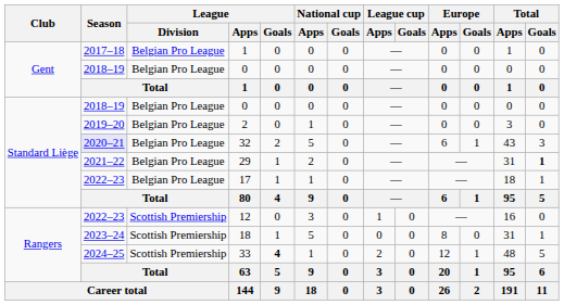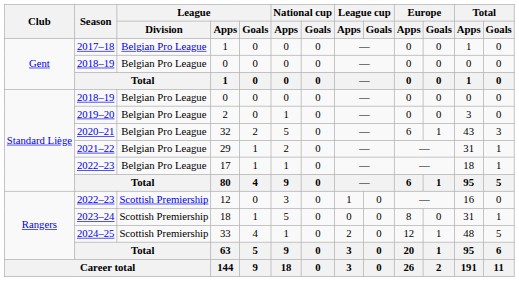 <table class="wikitable" style="text-align: center;">
 <tr>
 <th rowspan="2">Club</th>
 <th rowspan="2">Season</th>
 <th colspan="3">League</th>
 <th colspan="2">National cup</th>
 <th colspan="2">League cup</th>
 <th colspan="2">Europe</th>
 <th colspan="2">Total</th>
 </tr>
 <tr>
 <th>Division</th>
 <th>Apps</th>
 <th>Goals</th>
 <th>Apps</th>
 <th>Goals</th>
 <th>Apps</th>
 <th>Goals</th>
 <th>Apps</th>
 <th>Goals</th>
 <th>Apps</th>
 <th>Goals</th>
 </tr>
 <tr>
 <td rowspan="3"><a href='#'>Gent</a></td>
 <td><a href='#'>2017–18</a></td>
 <td><a href='#'>Belgian Pro League</a></td>
 <td>1</td>
 <td>0</td>
 <td>0</td>
 <td>0</td>
 <td colspan="2">—</td>
 <td>0</td>
 <td>0</td>
 <td>1</td>
 <td>0</td>
 </tr>
 <tr>
 <td><a href='#'>2018–19</a></td>
 <td>Belgian Pro League</td>
 <td>0</td>
 <td>0</td>
 <td>0</td>
 <td>0</td>
 <td colspan="2">—</td>
 <td>0</td>
 <td>0</td>
 <td>0</td>
 <td>0</td>
 </tr>
 <tr>
 <th colspan=2>Total</th>
 <th>1</th>
 <th>0</th>
 <th>0</th>
 <th>0</th>
 <th colspan=2>—</th>
 <th>0</th>
 <th>0</th>
 <th>1</th>
 <th>0</th>
 </tr>
 <tr>
 <td rowspan="6"><a href='#'>Standard Liège</a></td>
 <td><a href='#'>2018–19</a></td>
 <td>Belgian Pro League</td>
 <td>0</td>
 <td>0</td>
 <td>0</td>
 <td>0</td>
 <td colspan="2">—</td>
 <td>0</td>
 <td>0</td>
 <td>0</td>
 <td>0</td>
 </tr>
 <tr>
 <td><a href='#'>2019–20</a></td>
 <td>Belgian Pro League</td>
 <td>2</td>
 <td>0</td>
 <td>1</td>
 <td>0</td>
 <td colspan="2">—</td>
 <td>0</td>
 <td>0</td>
 <td>3</td>
 <td>0</td>
 </tr>
 <tr>
-<td style="background: lavender;"><a href='#'>2020–21</a></td>
+<td><a href='#'>2020–21</a></td>
 <td>Belgian Pro League</td>
 <td>32</td>
 <td>2</td>
 <td>5</td>
 <td>0</td>
 <td colspan="2">—</td>
 <td>6</td>
 <td>1</td>
 <td>43</td>
 <td>3</td>
 </tr>
 <tr>
 <td><a href='#'>2021–22</a></td>
 <td>Belgian Pro League</td>
 <td>29</td>
 <td>1</td>
 <td>2</td>
 <td>0</td>
 <td colspan="2">—</td>
 <td colspan="2">—</td>
 <td>31</td>
-<td><strong>1</strong></td>
+<td>1</td>
 </tr>
 <tr>
 <td><a href='#'>2022–23</a></td>
 <td>Belgian Pro League</td>
 <td>17</td>
 <td>1</td>
 <td>1</td>
 <td>0</td>
 <td colspan="2">—</td>
 <td colspan="2">—</td>
 <td>18</td>
 <td>1</td>
 </tr>
 <tr>
 <th colspan=2>Total</th>
 <th>80</th>
 <th>4</th>
 <th>9</th>
 <th>0</th>
 <th colspan=2>—</th>
 <th>6</th>
 <th>1</th>
 <th>95</th>
 <th>5</th>
 </tr>
 <tr>
 <td rowspan="4"><a href='#'>Rangers</a></td>
 <td><a href='#'>2022–23</a></td>
 <td><a href='#'>Scottish Premiership</a></td>
 <td>12</td>
 <td>0</td>
 <td>3</td>
 <td>0</td>
 <td>1</td>
 <td>0</td>
 <td colspan="2">—</td>
 <td>16</td>
 <td>0</td>
 </tr>
 <tr>
 <td><a href='#'>2023–24</a></td>
 <td>Scottish Premiership</td>
 <td>18</td>
 <td>1</td>
 <td>5</td>
 <td>0</td>
 <td>0</td>
 <td>0</td>
 <td>8</td>
 <td>0</td>
 <td>31</td>
 <td>1</td>
 </tr>
 <tr>
 <td><a href='#'>2024–25</a></td>
 <td>Scottish Premiership</td>
 <td>33</td>
-<td><strong>4</strong></td>
+<td>4</td>
 <td>1</td>
 <td>0</td>
 <td>2</td>
 <td>0</td>
 <td>12</td>
 <td>1</td>
 <td>48</td>
 <td>5</td>
 </tr>
 <tr>
 <th colspan=2>Total</th>
 <th>63</th>
 <th>5</th>
 <th>9</th>
 <th>0</th>
 <th>3</th>
 <th>0</th>
 <th>20</th>
 <th>1</th>
 <th>95</th>
 <th>6</th>
 </tr>
 <tr>
 <th colspan="3">Career total</th>
 <th>144</th>
 <th>9</th>
 <th>18</th>
 <th>0</th>
 <th>3</th>
 <th>0</th>
 <th>26</th>
 <th>2</th>
 <th>191</th>
 <th>11</th>
 </tr>
 </table>
